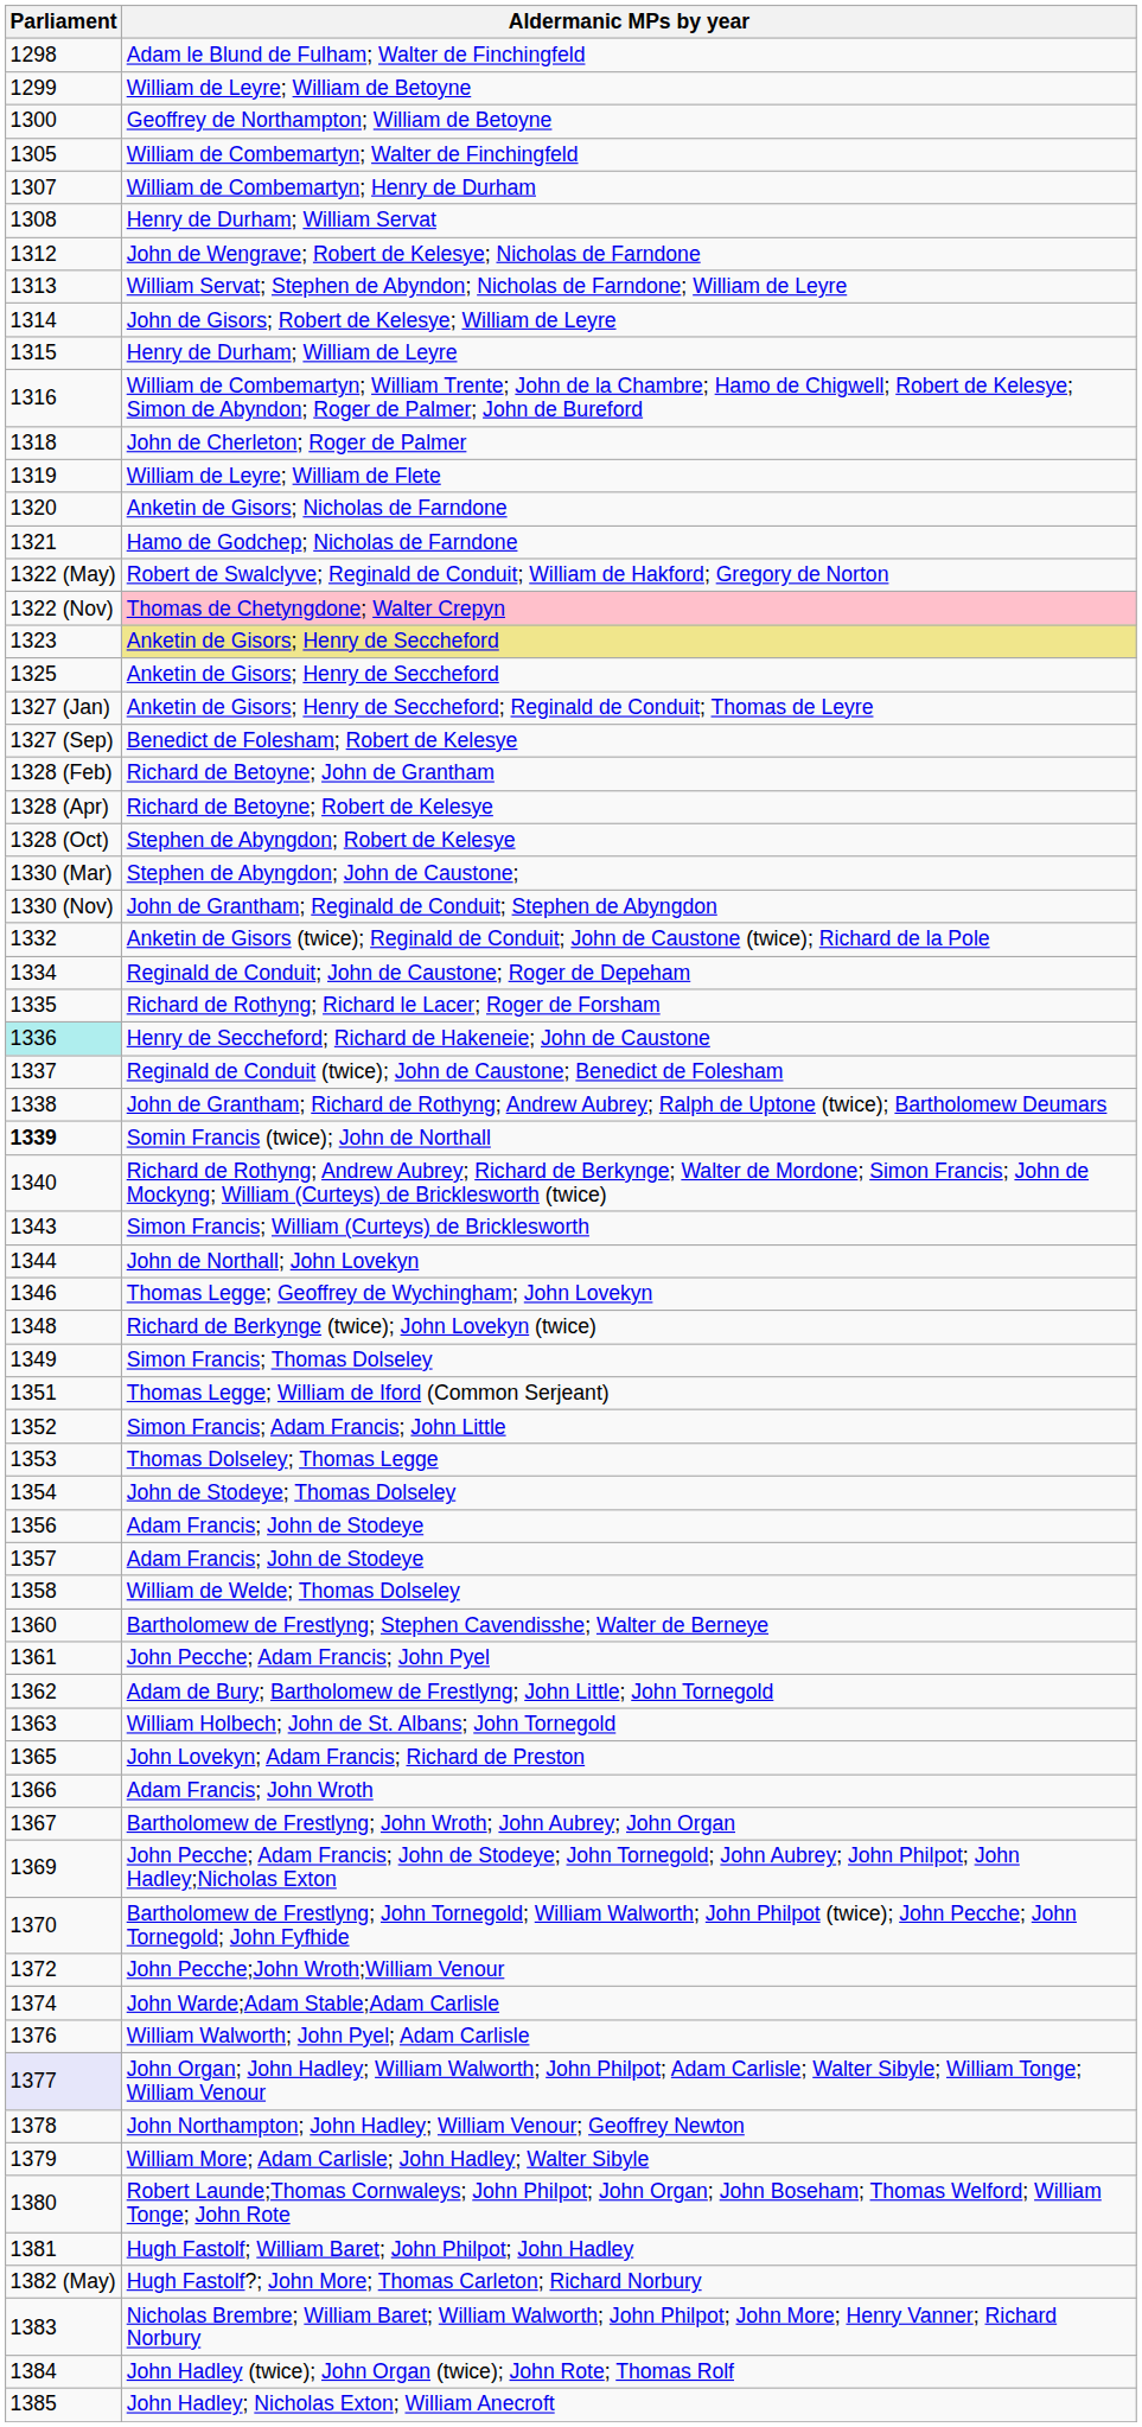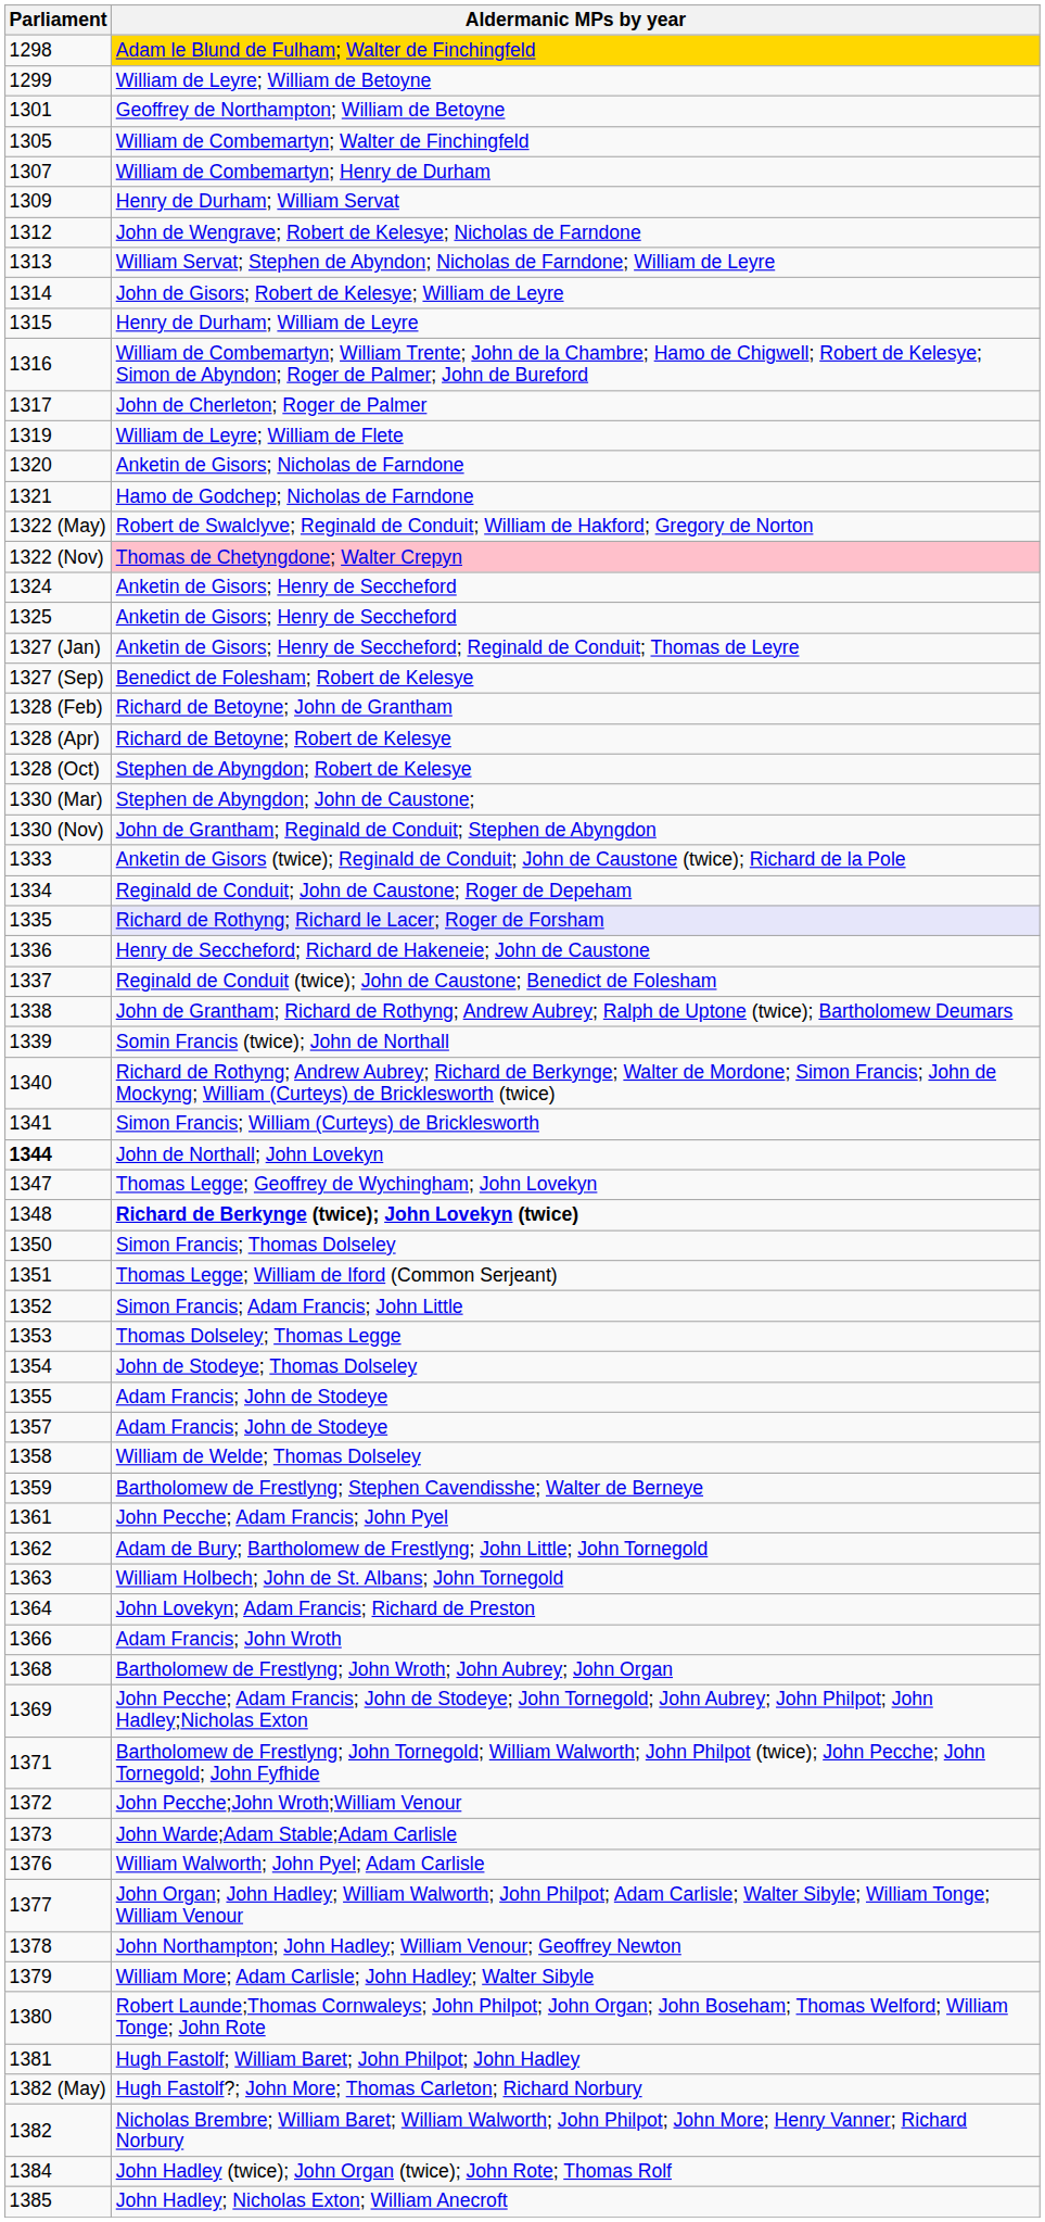 <table class="wikitable">
 <tr>
 <th>Parliament</th>
 <th>Aldermanic MPs by year</th>
 </tr>
 <tr>
 <td>1298</td>
-<td><a href='#'>Adam le Blund de Fulham</a>; <a href='#'>Walter de Finchingfeld</a></td>
+<td style="background: gold;"><a href='#'>Adam le Blund de Fulham</a>; <a href='#'>Walter de Finchingfeld</a></td>
 </tr>
 <tr>
 <td>1299</td>
 <td><a href='#'>William de Leyre</a>; <a href='#'>William de Betoyne</a></td>
 </tr>
 <tr>
-<td>1300</td>
+<td>1301</td>
 <td><a href='#'>Geoffrey de Northampton</a>; <a href='#'>William de Betoyne</a></td>
 </tr>
 <tr>
 <td>1305</td>
 <td><a href='#'>William de Combemartyn</a>; <a href='#'>Walter de Finchingfeld</a></td>
 </tr>
 <tr>
 <td>1307</td>
 <td><a href='#'>William de Combemartyn</a>; <a href='#'>Henry de Durham</a></td>
 </tr>
 <tr>
-<td>1308</td>
+<td>1309</td>
 <td><a href='#'>Henry de Durham</a>; <a href='#'>William Servat</a></td>
 </tr>
 <tr>
 <td>1312</td>
 <td><a href='#'>John de Wengrave</a>; <a href='#'>Robert de Kelesye</a>; <a href='#'>Nicholas de Farndone</a></td>
 </tr>
 <tr>
 <td>1313</td>
 <td><a href='#'>William Servat</a>; <a href='#'>Stephen de Abyndon</a>; <a href='#'>Nicholas de Farndone</a>; <a href='#'>William de Leyre</a></td>
 </tr>
 <tr>
 <td>1314</td>
 <td><a href='#'>John de Gisors</a>; <a href='#'>Robert de Kelesye</a>; <a href='#'>William de Leyre</a></td>
 </tr>
 <tr>
 <td>1315</td>
 <td><a href='#'>Henry de Durham</a>; <a href='#'>William de Leyre</a></td>
 </tr>
 <tr>
 <td>1316</td>
 <td><a href='#'>William de Combemartyn</a>; <a href='#'>William Trente</a>; <a href='#'>John de la Chambre</a>; <a href='#'>Hamo de Chigwell</a>; <a href='#'>Robert de Kelesye</a>; <a href='#'>Simon de Abyndon</a>; <a href='#'>Roger de Palmer</a>; <a href='#'>John de Bureford</a></td>
 </tr>
 <tr>
-<td>1318</td>
+<td>1317</td>
 <td><a href='#'>John de Cherleton</a>; <a href='#'>Roger de Palmer</a></td>
 </tr>
 <tr>
 <td>1319</td>
 <td><a href='#'>William de Leyre</a>; <a href='#'>William de Flete</a></td>
 </tr>
 <tr>
 <td>1320</td>
 <td><a href='#'>Anketin de Gisors</a>; <a href='#'>Nicholas de Farndone</a></td>
 </tr>
 <tr>
 <td>1321</td>
 <td><a href='#'>Hamo de Godchep</a>; <a href='#'>Nicholas de Farndone</a></td>
 </tr>
 <tr>
 <td>1322 (May)</td>
 <td><a href='#'>Robert de Swalclyve</a>; <a href='#'>Reginald de Conduit</a>; <a href='#'>William de Hakford</a>; <a href='#'>Gregory de Norton</a></td>
 </tr>
 <tr>
 <td>1322 (Nov)</td>
 <td style="background: pink;"><a href='#'>Thomas de Chetyngdone</a>; <a href='#'>Walter Crepyn</a></td>
 </tr>
 <tr>
-<td>1323</td>
-<td style="background: khaki;"><a href='#'>Anketin de Gisors</a>; <a href='#'>Henry de Seccheford</a></td>
+<td>1324</td>
+<td><a href='#'>Anketin de Gisors</a>; <a href='#'>Henry de Seccheford</a></td>
 </tr>
 <tr>
 <td>1325</td>
 <td><a href='#'>Anketin de Gisors</a>; <a href='#'>Henry de Seccheford</a></td>
 </tr>
 <tr>
 <td>1327 (Jan)</td>
 <td><a href='#'>Anketin de Gisors</a>; <a href='#'>Henry de Seccheford</a>; <a href='#'>Reginald de Conduit</a>; <a href='#'>Thomas de Leyre</a></td>
 </tr>
 <tr>
 <td>1327 (Sep)</td>
 <td><a href='#'>Benedict de Folesham</a>; <a href='#'>Robert de Kelesye</a></td>
 </tr>
 <tr>
 <td>1328 (Feb)</td>
 <td><a href='#'>Richard de Betoyne</a>; <a href='#'>John de Grantham</a></td>
 </tr>
 <tr>
 <td>1328 (Apr)</td>
 <td><a href='#'>Richard de Betoyne</a>; <a href='#'>Robert de Kelesye</a></td>
 </tr>
 <tr>
 <td>1328 (Oct)</td>
 <td><a href='#'>Stephen de Abyngdon</a>; <a href='#'>Robert de Kelesye</a></td>
 </tr>
 <tr>
 <td>1330 (Mar)</td>
 <td><a href='#'>Stephen de Abyngdon</a>; <a href='#'>John de Caustone</a>;</td>
 </tr>
 <tr>
 <td>1330 (Nov)</td>
 <td><a href='#'>John de Grantham</a>; <a href='#'>Reginald de Conduit</a>; <a href='#'>Stephen de Abyngdon</a></td>
 </tr>
 <tr>
-<td>1332</td>
+<td>1333</td>
 <td><a href='#'>Anketin de Gisors</a> (twice); <a href='#'>Reginald de Conduit</a>; <a href='#'>John de Caustone</a> (twice); <a href='#'>Richard de la Pole</a></td>
 </tr>
 <tr>
 <td>1334</td>
 <td><a href='#'>Reginald de Conduit</a>; <a href='#'>John de Caustone</a>; <a href='#'>Roger de Depeham</a></td>
 </tr>
 <tr>
 <td>1335</td>
-<td><a href='#'>Richard de Rothyng</a>; <a href='#'>Richard le Lacer</a>; <a href='#'>Roger de Forsham</a></td>
+<td style="background: lavender;"><a href='#'>Richard de Rothyng</a>; <a href='#'>Richard le Lacer</a>; <a href='#'>Roger de Forsham</a></td>
 </tr>
 <tr>
-<td style="background: paleturquoise;">1336</td>
+<td>1336</td>
 <td><a href='#'>Henry de Seccheford</a>; <a href='#'>Richard de Hakeneie</a>; <a href='#'>John de Caustone</a></td>
 </tr>
 <tr>
 <td>1337</td>
 <td><a href='#'>Reginald de Conduit</a> (twice); <a href='#'>John de Caustone</a>; <a href='#'>Benedict de Folesham</a></td>
 </tr>
 <tr>
 <td>1338</td>
 <td><a href='#'>John de Grantham</a>; <a href='#'>Richard de Rothyng</a>; <a href='#'>Andrew Aubrey</a>; <a href='#'>Ralph de Uptone</a> (twice); <a href='#'>Bartholomew Deumars</a></td>
 </tr>
 <tr>
-<td><strong>1339</strong></td>
+<td>1339</td>
 <td><a href='#'>Somin Francis</a> (twice); <a href='#'>John de Northall</a></td>
 </tr>
 <tr>
 <td>1340</td>
 <td><a href='#'>Richard de Rothyng</a>; <a href='#'>Andrew Aubrey</a>; <a href='#'>Richard de Berkynge</a>; <a href='#'>Walter de Mordone</a>; <a href='#'>Simon Francis</a>; <a href='#'>John de Mockyng</a>; <a href='#'>William (Curteys) de Bricklesworth</a> (twice)</td>
 </tr>
 <tr>
-<td>1343</td>
+<td>1341</td>
 <td><a href='#'>Simon Francis</a>; <a href='#'>William (Curteys) de Bricklesworth</a></td>
 </tr>
 <tr>
-<td>1344</td>
+<td><strong>1344</strong></td>
 <td><a href='#'>John de Northall</a>; <a href='#'>John Lovekyn</a></td>
 </tr>
 <tr>
-<td>1346</td>
+<td>1347</td>
 <td><a href='#'>Thomas Legge</a>; <a href='#'>Geoffrey de Wychingham</a>; <a href='#'>John Lovekyn</a></td>
 </tr>
 <tr>
 <td>1348</td>
-<td><a href='#'>Richard de Berkynge</a> (twice); <a href='#'>John Lovekyn</a> (twice)</td>
+<td><strong><a href='#'>Richard de Berkynge</a> (twice); <a href='#'>John Lovekyn</a> (twice)</strong></td>
 </tr>
 <tr>
-<td>1349</td>
+<td>1350</td>
 <td><a href='#'>Simon Francis</a>; <a href='#'>Thomas Dolseley</a></td>
 </tr>
 <tr>
 <td>1351</td>
 <td><a href='#'>Thomas Legge</a>; <a href='#'>William de Iford</a> (Common Serjeant)</td>
 </tr>
 <tr>
 <td>1352</td>
 <td><a href='#'>Simon Francis</a>; <a href='#'>Adam Francis</a>; <a href='#'>John Little</a></td>
 </tr>
 <tr>
 <td>1353</td>
 <td><a href='#'>Thomas Dolseley</a>; <a href='#'>Thomas Legge</a></td>
 </tr>
 <tr>
 <td>1354</td>
 <td><a href='#'>John de Stodeye</a>; <a href='#'>Thomas Dolseley</a></td>
 </tr>
 <tr>
-<td>1356</td>
+<td>1355</td>
 <td><a href='#'>Adam Francis</a>; <a href='#'>John de Stodeye</a></td>
 </tr>
 <tr>
 <td>1357</td>
 <td><a href='#'>Adam Francis</a>; <a href='#'>John de Stodeye</a></td>
 </tr>
 <tr>
 <td>1358</td>
 <td><a href='#'>William de Welde</a>; <a href='#'>Thomas Dolseley</a></td>
 </tr>
 <tr>
-<td>1360</td>
+<td>1359</td>
 <td><a href='#'>Bartholomew de Frestlyng</a>; <a href='#'>Stephen Cavendisshe</a>; <a href='#'>Walter de Berneye</a></td>
 </tr>
 <tr>
 <td>1361</td>
 <td><a href='#'>John Pecche</a>; <a href='#'>Adam Francis</a>; <a href='#'>John Pyel</a></td>
 </tr>
 <tr>
 <td>1362</td>
 <td><a href='#'>Adam de Bury</a>; <a href='#'>Bartholomew de Frestlyng</a>; <a href='#'>John Little</a>; <a href='#'>John Tornegold</a></td>
 </tr>
 <tr>
 <td>1363</td>
 <td><a href='#'>William Holbech</a>; <a href='#'>John de St. Albans</a>; <a href='#'>John Tornegold</a></td>
 </tr>
 <tr>
-<td>1365</td>
+<td>1364</td>
 <td><a href='#'>John Lovekyn</a>; <a href='#'>Adam Francis</a>; <a href='#'>Richard de Preston</a></td>
 </tr>
 <tr>
 <td>1366</td>
 <td><a href='#'>Adam Francis</a>; <a href='#'>John Wroth</a></td>
 </tr>
 <tr>
-<td>1367</td>
+<td>1368</td>
 <td><a href='#'>Bartholomew de Frestlyng</a>; <a href='#'>John Wroth</a>; <a href='#'>John Aubrey</a>; <a href='#'>John Organ</a></td>
 </tr>
 <tr>
 <td>1369</td>
 <td><a href='#'>John Pecche</a>; <a href='#'>Adam Francis</a>; <a href='#'>John de Stodeye</a>; <a href='#'>John Tornegold</a>; <a href='#'>John Aubrey</a>; <a href='#'>John Philpot</a>; <a href='#'>John Hadley</a>;<a href='#'>Nicholas Exton</a></td>
 </tr>
 <tr>
-<td>1370</td>
+<td>1371</td>
 <td><a href='#'>Bartholomew de Frestlyng</a>; <a href='#'>John Tornegold</a>; <a href='#'>William Walworth</a>; <a href='#'>John Philpot</a> (twice); <a href='#'>John Pecche</a>; <a href='#'>John Tornegold</a>; <a href='#'>John Fyfhide</a></td>
 </tr>
 <tr>
 <td>1372</td>
 <td><a href='#'>John Pecche</a>;<a href='#'>John Wroth</a>;<a href='#'>William Venour</a></td>
 </tr>
 <tr>
-<td>1374</td>
+<td>1373</td>
 <td><a href='#'>John Warde</a>;<a href='#'>Adam Stable</a>;<a href='#'>Adam Carlisle</a></td>
 </tr>
 <tr>
 <td>1376</td>
 <td><a href='#'>William Walworth</a>; <a href='#'>John Pyel</a>; <a href='#'>Adam Carlisle</a></td>
 </tr>
 <tr>
-<td style="background: lavender;">1377</td>
+<td>1377</td>
 <td><a href='#'>John Organ</a>; <a href='#'>John Hadley</a>; <a href='#'>William Walworth</a>; <a href='#'>John Philpot</a>; <a href='#'>Adam Carlisle</a>; <a href='#'>Walter Sibyle</a>; <a href='#'>William Tonge</a>; <a href='#'>William Venour</a></td>
 </tr>
 <tr>
 <td>1378</td>
 <td><a href='#'>John Northampton</a>; <a href='#'>John Hadley</a>; <a href='#'>William Venour</a>; <a href='#'>Geoffrey Newton</a></td>
 </tr>
 <tr>
 <td>1379</td>
 <td><a href='#'>William More</a>; <a href='#'>Adam Carlisle</a>; <a href='#'>John Hadley</a>; <a href='#'>Walter Sibyle</a></td>
 </tr>
 <tr>
 <td>1380</td>
 <td><a href='#'>Robert Launde</a>;<a href='#'>Thomas Cornwaleys</a>; <a href='#'>John Philpot</a>; <a href='#'>John Organ</a>; <a href='#'>John Boseham</a>; <a href='#'>Thomas Welford</a>; <a href='#'>William Tonge</a>; <a href='#'>John Rote</a></td>
 </tr>
 <tr>
 <td>1381</td>
 <td><a href='#'>Hugh Fastolf</a>; <a href='#'>William Baret</a>; <a href='#'>John Philpot</a>; <a href='#'>John Hadley</a></td>
 </tr>
 <tr>
 <td>1382 (May)</td>
 <td><a href='#'>Hugh Fastolf</a>?; <a href='#'>John More</a>; <a href='#'>Thomas Carleton</a>; <a href='#'>Richard Norbury</a></td>
 </tr>
 <tr>
-<td>1383</td>
+<td>1382</td>
 <td><a href='#'>Nicholas Brembre</a>; <a href='#'>William Baret</a>; <a href='#'>William Walworth</a>; <a href='#'>John Philpot</a>; <a href='#'>John More</a>; <a href='#'>Henry Vanner</a>; <a href='#'>Richard Norbury</a></td>
 </tr>
 <tr>
 <td>1384</td>
 <td><a href='#'>John Hadley</a> (twice); <a href='#'>John Organ</a> (twice); <a href='#'>John Rote</a>; <a href='#'>Thomas Rolf</a></td>
 </tr>
 <tr>
 <td>1385</td>
 <td><a href='#'>John Hadley</a>; <a href='#'>Nicholas Exton</a>; <a href='#'>William Anecroft</a></td>
 </tr>
 </table>
